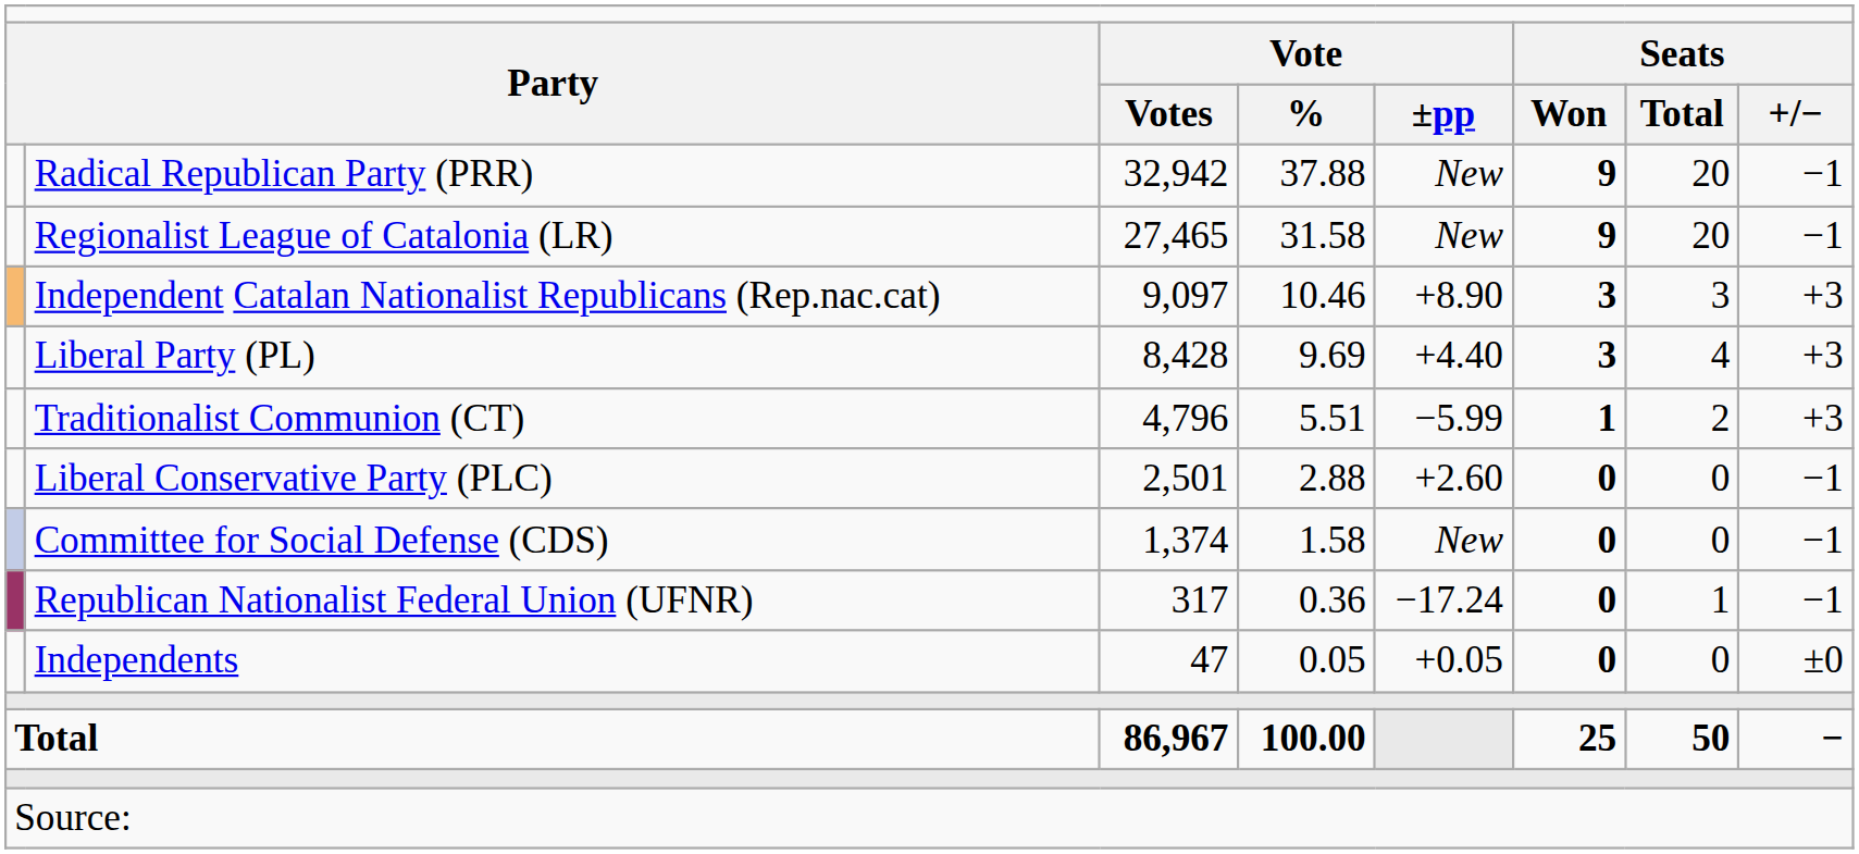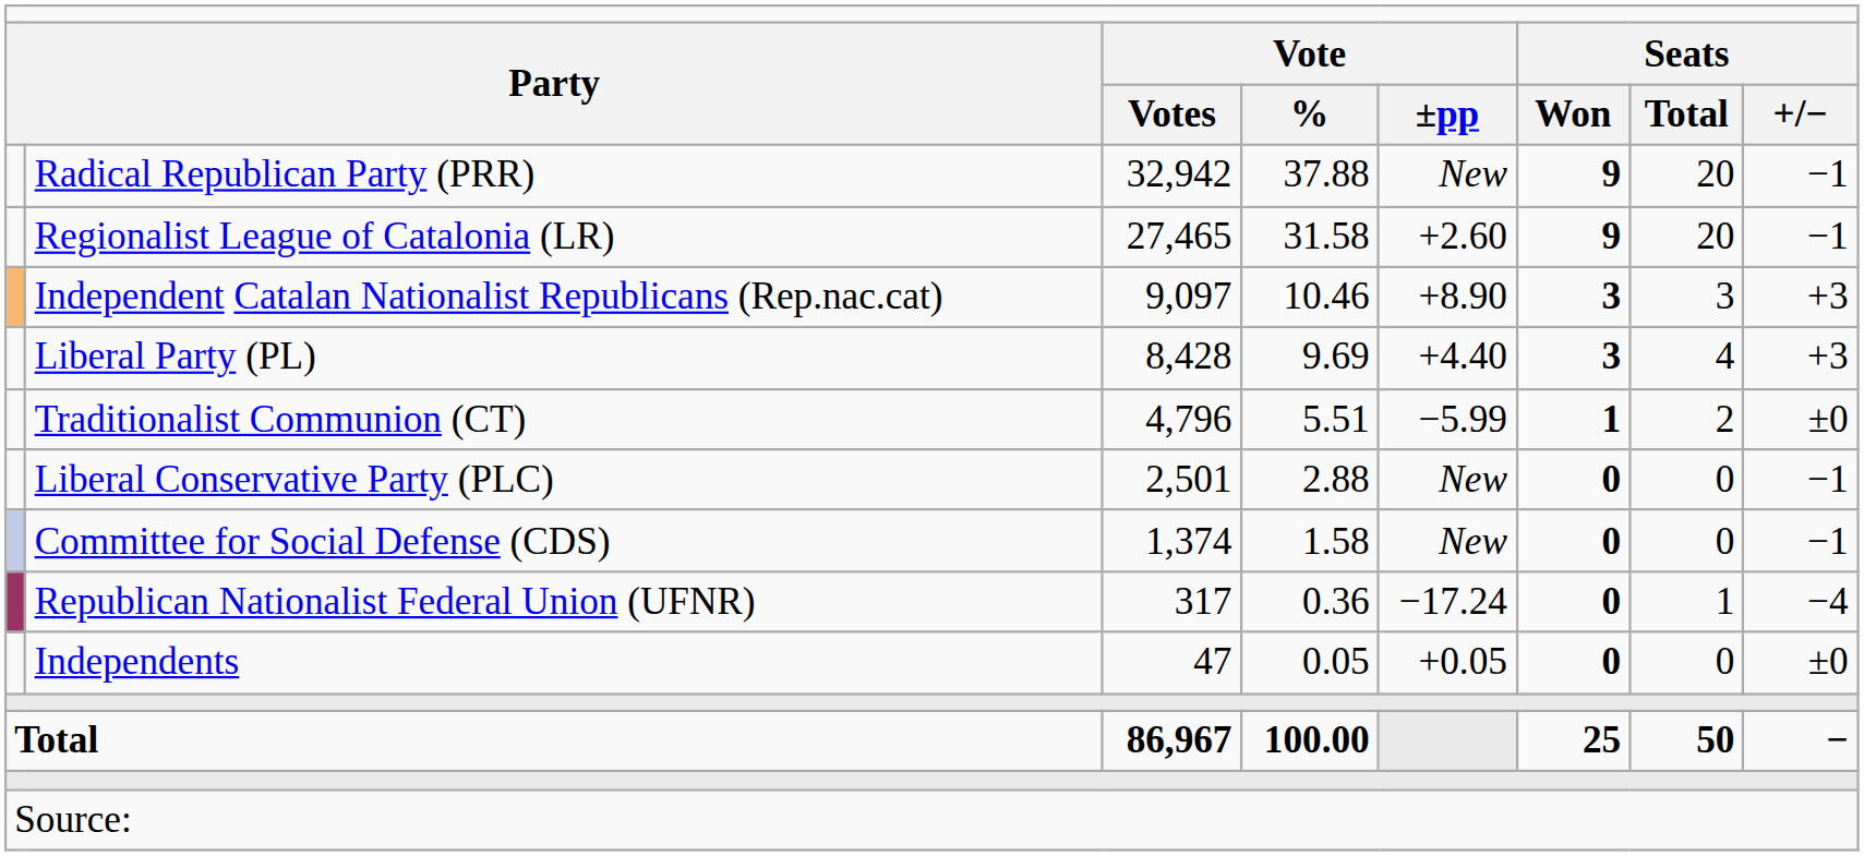 <table class='wikitable' style='text-align:right; font-size:100%;'>
 <tr>
 <td colspan='8'></td>
 </tr>
 <tr bgcolor='#E9E9E9' align='center'>
 <th align='left' rowspan='2' colspan='2' width='450'>Party</th>
 <th colspan='3'>Vote</th>
 <th colspan='3'>Seats</th>
 </tr>
 <tr bgcolor='#E9E9E9' align='center'>
 <th width='50'>Votes</th>
 <th width='50'>%</th>
 <th width='50'>±<a href='#'>pp</a></th>
 <th width='40'>Won</th>
 <th width='40'>Total</th>
 <th width='40'>+/−</th>
 </tr>
 <tr>
 <td></td>
 <td align='left'><a href='#'>Radical Republican Party</a> (PRR)</td>
 <td>32,942</td>
 <td>37.88</td>
 <td><em>New</em></td>
 <td><strong>9</strong></td>
 <td>20</td>
 <td>−1</td>
 </tr>
 <tr>
 <td></td>
 <td align='left'><a href='#'>Regionalist League of Catalonia</a> (LR)</td>
 <td>27,465</td>
 <td>31.58</td>
-<td><em>New</em></td>
+<td>+2.60</td>
 <td><strong>9</strong></td>
 <td>20</td>
 <td>−1</td>
 </tr>
 <tr>
 <td bgcolor='#F7B96F'></td>
 <td align='left'><a href='#'>Independent</a> <a href='#'>Catalan Nationalist Republicans</a> (Rep.nac.cat)</td>
 <td>9,097</td>
 <td>10.46</td>
 <td>+8.90</td>
 <td><strong>3</strong></td>
 <td>3</td>
 <td>+3</td>
 </tr>
 <tr>
 <td></td>
 <td align='left'><a href='#'>Liberal Party</a> (PL)</td>
 <td>8,428</td>
 <td>9.69</td>
 <td>+4.40</td>
 <td><strong>3</strong></td>
 <td>4</td>
 <td>+3</td>
 </tr>
 <tr>
 <td></td>
 <td align='left'><a href='#'>Traditionalist Communion</a> (CT)</td>
 <td>4,796</td>
 <td>5.51</td>
 <td>−5.99</td>
 <td><strong>1</strong></td>
 <td>2</td>
-<td>+3</td>
+<td>±0</td>
 </tr>
 <tr>
 <td></td>
 <td align='left'><a href='#'>Liberal Conservative Party</a> (PLC)</td>
 <td>2,501</td>
 <td>2.88</td>
-<td>+2.60</td>
+<td><em>New</em></td>
 <td><strong>0</strong></td>
 <td>0</td>
 <td>−1</td>
 </tr>
 <tr>
 <td bgcolor='#C2CCE7'></td>
 <td align='left'><a href='#'>Committee for Social Defense</a> (CDS)</td>
 <td>1,374</td>
 <td>1.58</td>
 <td><em>New</em></td>
 <td><strong>0</strong></td>
 <td>0</td>
 <td>−1</td>
 </tr>
 <tr>
 <td bgcolor='#993366'></td>
 <td align='left'><a href='#'>Republican Nationalist Federal Union</a> (UFNR)</td>
 <td>317</td>
 <td>0.36</td>
 <td>−17.24</td>
 <td><strong>0</strong></td>
 <td>1</td>
-<td>−1</td>
+<td>−4</td>
 </tr>
 <tr>
 <td width='1'></td>
 <td align='left'><a href='#'>Independents</a></td>
 <td>47</td>
 <td>0.05</td>
 <td>+0.05</td>
 <td><strong>0</strong></td>
 <td>0</td>
 <td>±0</td>
 </tr>
 <tr>
 <td colspan='8' bgcolor='#E9E9E9'></td>
 </tr>
 <tr style='font-weight:bold;'>
 <td align='left' colspan='2'>Total</td>
 <td>86,967</td>
 <td>100.00</td>
 <td bgcolor='#E9E9E9'></td>
 <td>25</td>
 <td>50</td>
 <td>−</td>
 </tr>
 <tr>
 <td colspan='8' bgcolor='#E9E9E9'></td>
 </tr>
 <tr>
 <td align='left' colspan='8'>Source:</td>
 </tr>
 </table>
